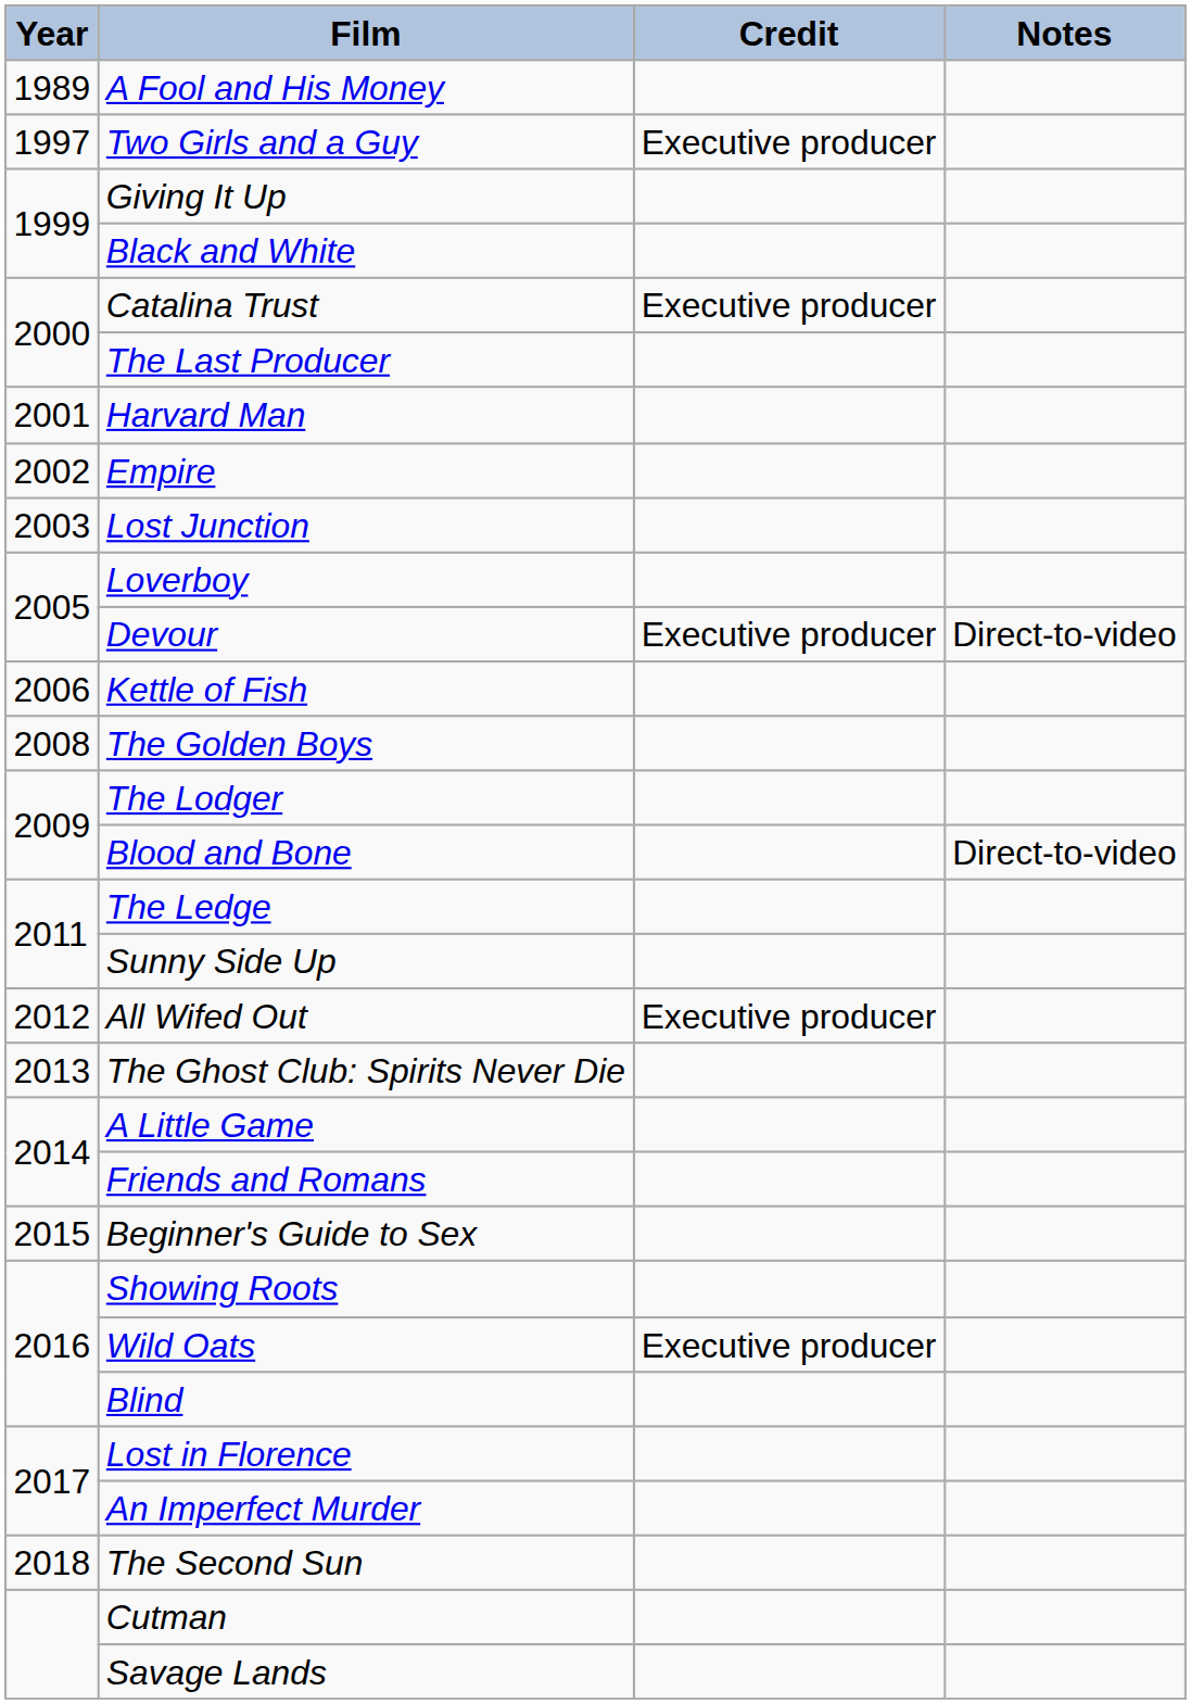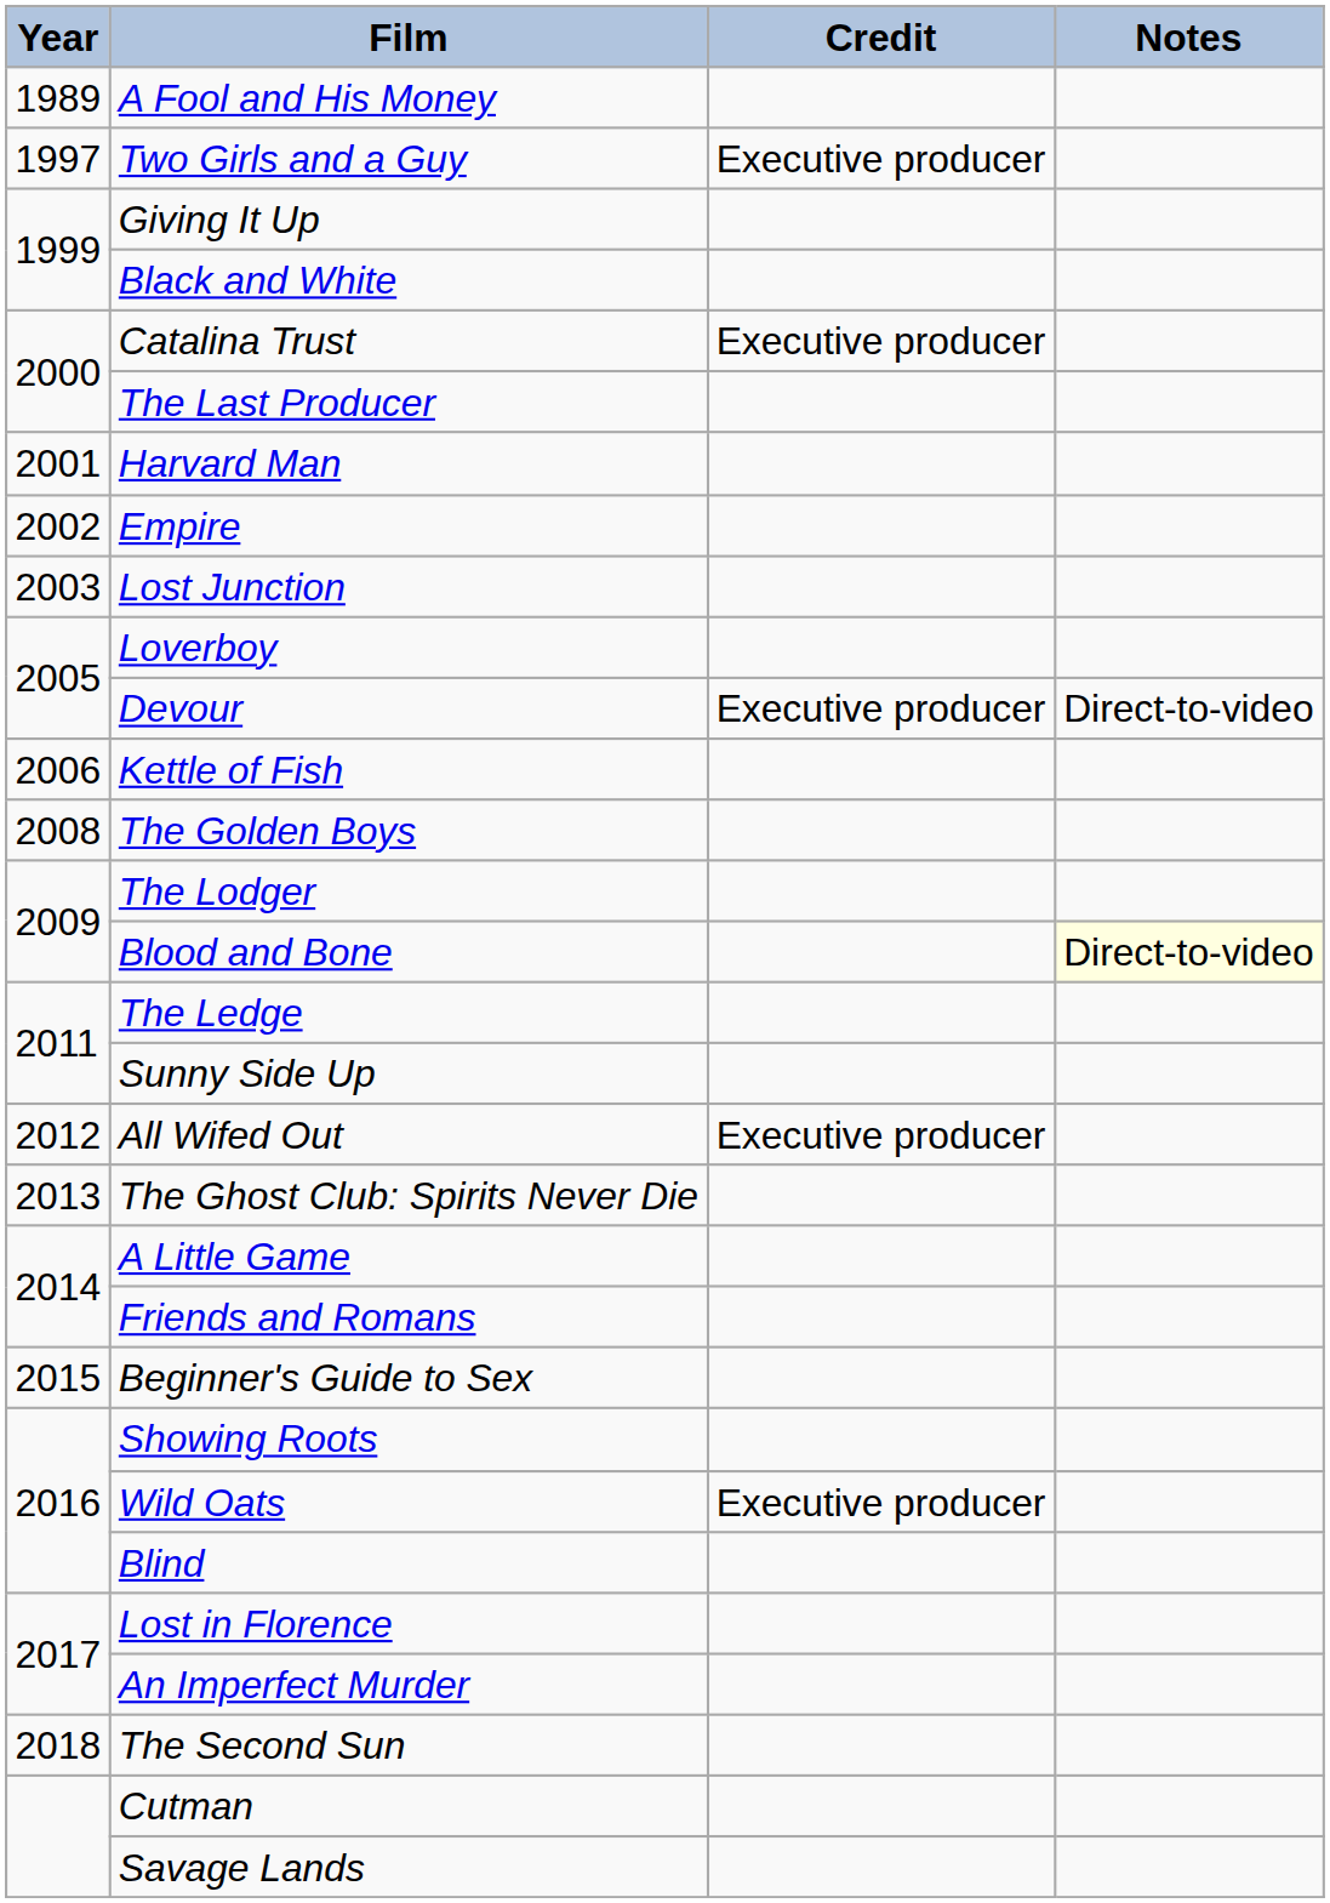 <table class="wikitable" style="font-size:95%;">
 <tr align="center">
 <th style="background:#B0C4DE;">Year</th>
 <th style="background:#B0C4DE;">Film</th>
 <th style="background:#B0C4DE;">Credit</th>
 <th style="background:#B0C4DE;">Notes</th>
 </tr>
 <tr>
 <td>1989</td>
 <td><em><a href='#'>A Fool and His Money</a></em></td>
 <td></td>
 <td></td>
 </tr>
 <tr>
 <td>1997</td>
 <td><em><a href='#'>Two Girls and a Guy</a></em></td>
 <td>Executive producer</td>
 <td></td>
 </tr>
 <tr>
 <td rowspan=2>1999</td>
 <td><em>Giving It Up</em></td>
 <td></td>
 <td></td>
 </tr>
 <tr>
 <td><em><a href='#'>Black and White</a></em></td>
 <td></td>
 <td></td>
 </tr>
 <tr>
 <td rowspan=2>2000</td>
 <td><em>Catalina Trust</em></td>
 <td>Executive producer</td>
 <td></td>
 </tr>
 <tr>
 <td><em><a href='#'>The Last Producer</a></em></td>
 <td></td>
 <td></td>
 </tr>
 <tr>
 <td>2001</td>
 <td><em><a href='#'>Harvard Man</a></em></td>
 <td></td>
 <td></td>
 </tr>
 <tr>
 <td>2002</td>
 <td><em><a href='#'>Empire</a></em></td>
 <td></td>
 <td></td>
 </tr>
 <tr>
 <td>2003</td>
 <td><em><a href='#'>Lost Junction</a></em></td>
 <td></td>
 <td></td>
 </tr>
 <tr>
 <td rowspan=2>2005</td>
 <td><em><a href='#'>Loverboy</a></em></td>
 <td></td>
 <td></td>
 </tr>
 <tr>
 <td><em><a href='#'>Devour</a></em></td>
 <td>Executive producer</td>
 <td>Direct-to-video</td>
 </tr>
 <tr>
 <td>2006</td>
 <td><em><a href='#'>Kettle of Fish</a></em></td>
 <td></td>
 <td></td>
 </tr>
 <tr>
 <td>2008</td>
 <td><em><a href='#'>The Golden Boys</a></em></td>
 <td></td>
 <td></td>
 </tr>
 <tr>
 <td rowspan=2>2009</td>
 <td><em><a href='#'>The Lodger</a></em></td>
 <td></td>
 <td></td>
 </tr>
 <tr>
 <td><em><a href='#'>Blood and Bone</a></em></td>
 <td></td>
-<td>Direct-to-video</td>
+<td style="background: lightyellow;">Direct-to-video</td>
 </tr>
 <tr>
 <td rowspan=2>2011</td>
 <td><em><a href='#'>The Ledge</a></em></td>
 <td></td>
 <td></td>
 </tr>
 <tr>
 <td><em>Sunny Side Up</em></td>
 <td></td>
 <td></td>
 </tr>
 <tr>
 <td>2012</td>
 <td><em>All Wifed Out</em></td>
 <td>Executive producer</td>
 <td></td>
 </tr>
 <tr>
 <td>2013</td>
 <td><em>The Ghost Club: Spirits Never Die</em></td>
 <td></td>
 <td></td>
 </tr>
 <tr>
 <td rowspan=2>2014</td>
 <td><em><a href='#'>A Little Game</a></em></td>
 <td></td>
 <td></td>
 </tr>
 <tr>
 <td><em><a href='#'>Friends and Romans</a></em></td>
 <td></td>
 <td></td>
 </tr>
 <tr>
 <td>2015</td>
 <td><em>Beginner's Guide to Sex</em></td>
 <td></td>
 <td></td>
 </tr>
 <tr>
 <td rowspan=3>2016</td>
 <td><em><a href='#'>Showing Roots</a></em></td>
 <td></td>
 <td></td>
 </tr>
 <tr>
 <td><em><a href='#'>Wild Oats</a></em></td>
 <td>Executive producer</td>
 <td></td>
 </tr>
 <tr>
 <td><em><a href='#'>Blind</a></em></td>
 <td></td>
 <td></td>
 </tr>
 <tr>
 <td rowspan=2>2017</td>
 <td><em><a href='#'>Lost in Florence</a></em></td>
 <td></td>
 <td></td>
 </tr>
 <tr>
 <td><em><a href='#'>An Imperfect Murder</a></em></td>
 <td></td>
 <td></td>
 </tr>
 <tr>
 <td>2018</td>
 <td><em>The Second Sun</em></td>
 <td></td>
 <td></td>
 </tr>
 <tr>
 <td rowspan=2 style="text-align:center;"></td>
 <td><em>Cutman</em></td>
 <td></td>
 <td></td>
 </tr>
 <tr>
 <td><em>Savage Lands</em></td>
 <td></td>
 <td></td>
 </tr>
 </table>
